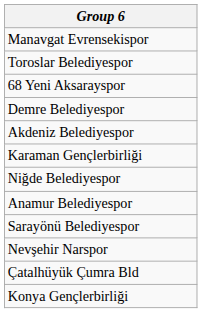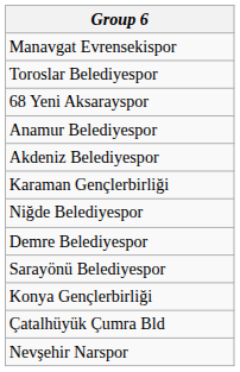 <table class="wikitable collapsible collapsed" style="font-size:95%;">
 <tr>
 <th colspan="1" width="200"><em>Group 6</em></th>
 </tr>
 <tr>
 <td>Manavgat Evrensekispor</td>
 </tr>
 <tr>
 <td>Toroslar Belediyespor</td>
 </tr>
 <tr>
 <td>68 Yeni Aksarayspor</td>
 </tr>
 <tr>
-<td>Demre Belediyespor</td>
+<td>Anamur Belediyespor</td>
 </tr>
 <tr>
 <td>Akdeniz Belediyespor</td>
 </tr>
 <tr>
 <td>Karaman Gençlerbirliği</td>
 </tr>
 <tr>
 <td>Niğde Belediyespor</td>
 </tr>
 <tr>
-<td>Anamur Belediyespor</td>
+<td>Demre Belediyespor</td>
 </tr>
 <tr>
 <td>Sarayönü Belediyespor</td>
 </tr>
 <tr>
-<td>Nevşehir Narspor</td>
+<td>Konya Gençlerbirliği</td>
 </tr>
 <tr>
 <td>Çatalhüyük Çumra Bld</td>
 </tr>
 <tr>
-<td>Konya Gençlerbirliği</td>
+<td>Nevşehir Narspor</td>
 </tr>
 </table>
